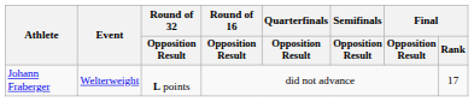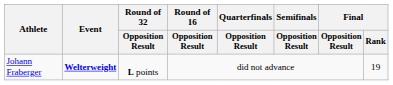 <table class=wikitable style=font-size:90%;text-align:center>
 <tr>
 <th rowspan=2>Athlete</th>
 <th rowspan=2>Event</th>
 <th>Round of 32</th>
 <th>Round of 16</th>
 <th>Quarterfinals</th>
 <th>Semifinals</th>
 <th colspan=2>Final</th>
 </tr>
 <tr style=font-size:95%>
 <th>Opposition<br>Result</th>
 <th>Opposition<br>Result</th>
 <th>Opposition<br>Result</th>
 <th>Opposition<br>Result</th>
 <th>Opposition<br>Result</th>
 <th>Rank</th>
 </tr>
 <tr>
 <td align=left><a href='#'>Johann Fraberger</a></td>
-<td align=left><a href='#'>Welterweight</a></td>
+<td align=left><strong><a href='#'>Welterweight</a></strong></td>
 <td><br><strong>L</strong> points</td>
 <td colspan=4>did not advance</td>
-<td>17</td>
+<td>19</td>
 </tr>
 </table>
